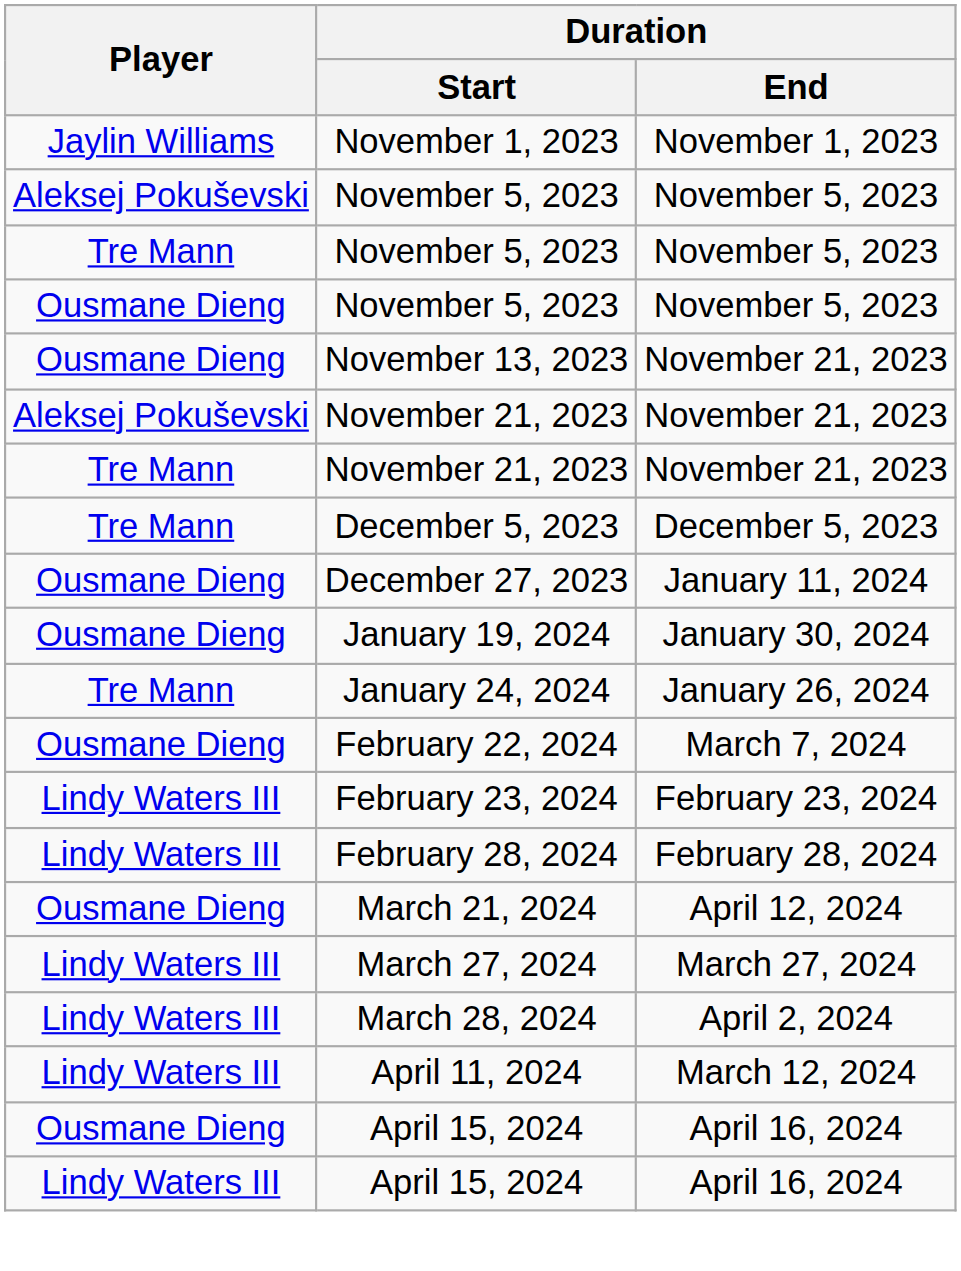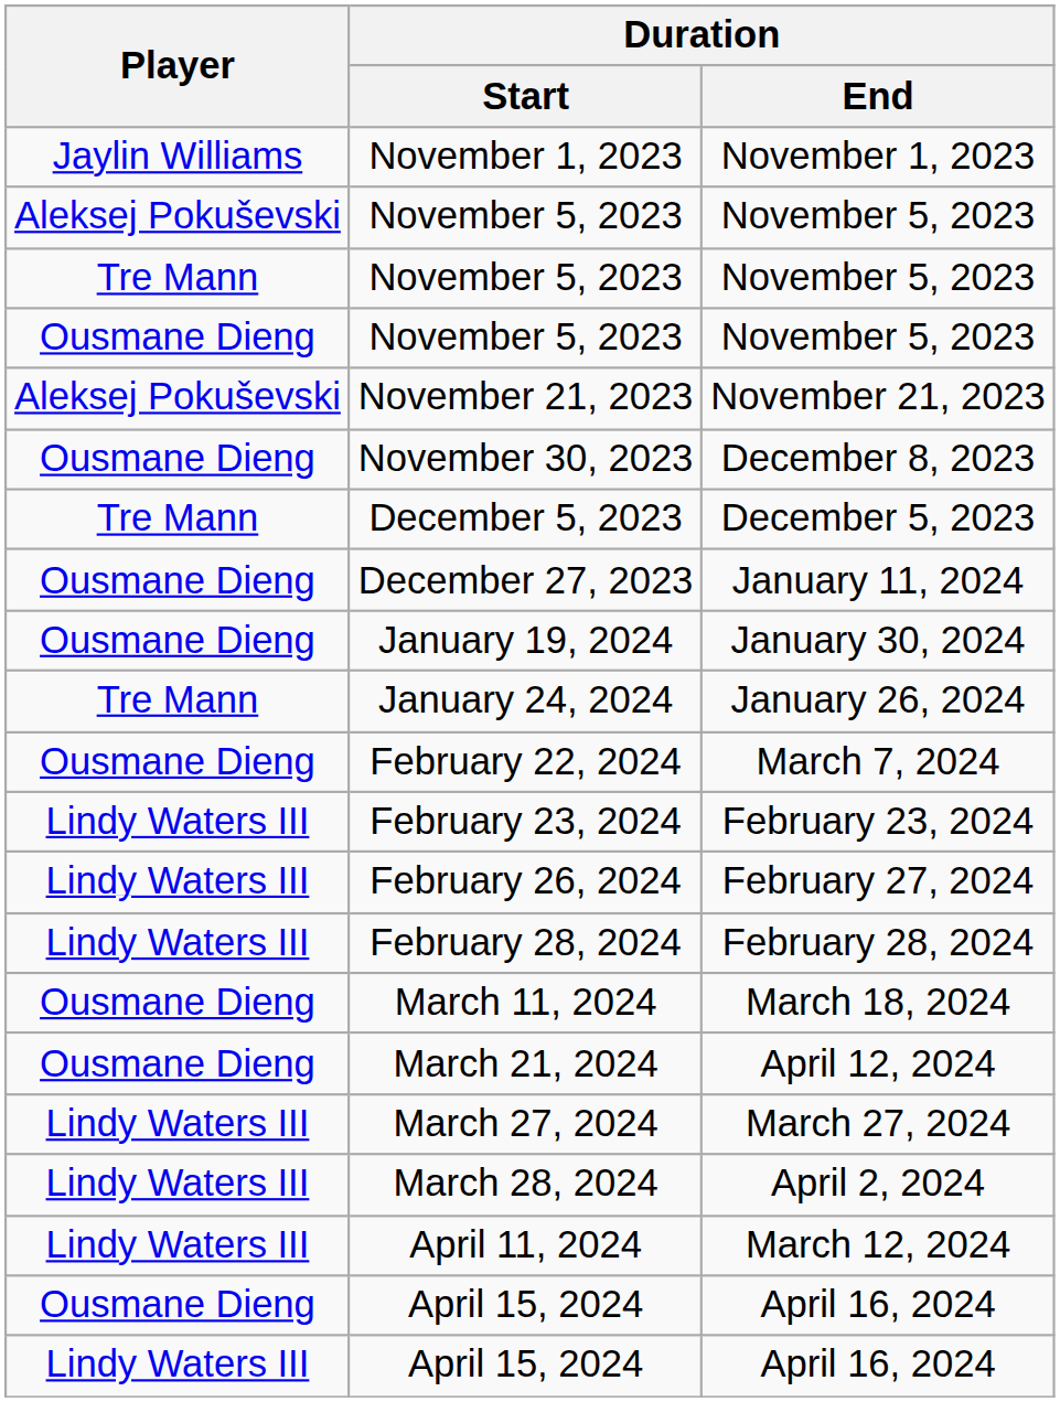 <table class="wikitable collapsible" style="text-align:center;">
 <tr>
 <th rowspan="2">Player</th>
 <th colspan="2">Duration</th>
 </tr>
 <tr>
 <th>Start</th>
 <th>End</th>
 </tr>
 <tr>
 <td><a href='#'>Jaylin Williams</a></td>
 <td>November 1, 2023</td>
 <td>November 1, 2023</td>
 </tr>
 <tr>
 <td><a href='#'>Aleksej Pokuševski</a></td>
 <td>November 5, 2023</td>
 <td>November 5, 2023</td>
 </tr>
 <tr>
 <td><a href='#'>Tre Mann</a></td>
 <td>November 5, 2023</td>
 <td>November 5, 2023</td>
 </tr>
 <tr>
 <td><a href='#'>Ousmane Dieng</a></td>
 <td>November 5, 2023</td>
 <td>November 5, 2023</td>
 </tr>
 <tr>
-<td><a href='#'>Ousmane Dieng</a></td>
-<td>November 13, 2023</td>
-<td>November 21, 2023</td>
-</tr>
-<tr>
 <td><a href='#'>Aleksej Pokuševski</a></td>
 <td>November 21, 2023</td>
 <td>November 21, 2023</td>
 </tr>
 <tr>
-<td><a href='#'>Tre Mann</a></td>
-<td>November 21, 2023</td>
-<td>November 21, 2023</td>
+<td><a href='#'>Ousmane Dieng</a></td>
+<td>November 30, 2023</td>
+<td>December 8, 2023</td>
 </tr>
 <tr>
 <td><a href='#'>Tre Mann</a></td>
 <td>December 5, 2023</td>
 <td>December 5, 2023</td>
 </tr>
 <tr>
 <td><a href='#'>Ousmane Dieng</a></td>
 <td>December 27, 2023</td>
 <td>January 11, 2024</td>
 </tr>
 <tr>
 <td><a href='#'>Ousmane Dieng</a></td>
 <td>January 19, 2024</td>
 <td>January 30, 2024</td>
 </tr>
 <tr>
 <td><a href='#'>Tre Mann</a></td>
 <td>January 24, 2024</td>
 <td>January 26, 2024</td>
 </tr>
 <tr>
 <td><a href='#'>Ousmane Dieng</a></td>
 <td>February 22, 2024</td>
 <td>March 7, 2024</td>
 </tr>
 <tr>
 <td><a href='#'>Lindy Waters III</a></td>
 <td>February 23, 2024</td>
 <td>February 23, 2024</td>
 </tr>
 <tr>
 <td><a href='#'>Lindy Waters III</a></td>
+<td>February 26, 2024</td>
+<td>February 27, 2024</td>
+</tr>
+<tr>
+<td><a href='#'>Lindy Waters III</a></td>
 <td>February 28, 2024</td>
 <td>February 28, 2024</td>
+</tr>
+<tr>
+<td><a href='#'>Ousmane Dieng</a></td>
+<td>March 11, 2024</td>
+<td>March 18, 2024</td>
 </tr>
 <tr>
 <td><a href='#'>Ousmane Dieng</a></td>
 <td>March 21, 2024</td>
 <td>April 12, 2024</td>
 </tr>
 <tr>
 <td><a href='#'>Lindy Waters III</a></td>
 <td>March 27, 2024</td>
 <td>March 27, 2024</td>
 </tr>
 <tr>
 <td><a href='#'>Lindy Waters III</a></td>
 <td>March 28, 2024</td>
 <td>April 2, 2024</td>
 </tr>
 <tr>
 <td><a href='#'>Lindy Waters III</a></td>
 <td>April 11, 2024</td>
 <td>March 12, 2024</td>
 </tr>
 <tr>
 <td><a href='#'>Ousmane Dieng</a></td>
 <td>April 15, 2024</td>
 <td>April 16, 2024</td>
 </tr>
 <tr>
 <td><a href='#'>Lindy Waters III</a></td>
 <td>April 15, 2024</td>
 <td>April 16, 2024</td>
 </tr>
 </table>
